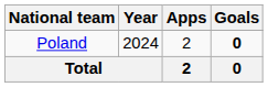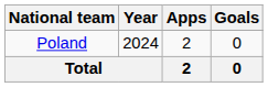 <table class=wikitable style=text-align:center>
 <tr>
 <th>National team</th>
 <th>Year</th>
 <th>Apps</th>
 <th>Goals</th>
 </tr>
 <tr>
 <td rowspan="2"><a href='#'>Poland</a></td>
 </tr>
 <tr>
 <td>2024</td>
 <td>2</td>
-<td><strong>0</strong></td>
+<td>0</td>
 </tr>
 <tr>
 <th colspan="2">Total</th>
 <th>2</th>
 <th>0</th>
 </tr>
 </table>
